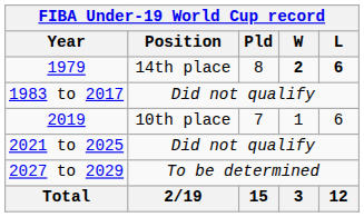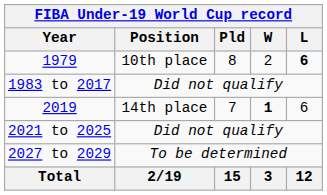 <table class="wikitable" style="text-align: center; font-size:95%;">
 <tr>
 <th colspan=9><a href='#'>FIBA Under-19 World Cup record</a></th>
 </tr>
 <tr>
 <th>Year</th>
 <th width=80px>Position</th>
 <th width=25px>Pld</th>
 <th width=25px>W</th>
 <th width=25px>L</th>
 </tr>
 <tr>
 <td> <a href='#'>1979</a></td>
-<td>14th place</td>
+<td>10th place</td>
 <td>8</td>
-<td><strong>2</strong></td>
+<td>2</td>
 <td><strong>6</strong></td>
 </tr>
 <tr>
 <td> <a href='#'>1983</a> to  <a href='#'>2017</a></td>
 <td colspan=4><em>Did not qualify</em></td>
 </tr>
 <tr>
 <td> <a href='#'>2019</a></td>
-<td>10th place</td>
+<td>14th place</td>
 <td>7</td>
-<td>1</td>
+<td><strong>1</strong></td>
 <td>6</td>
 </tr>
 <tr>
 <td> <a href='#'>2021</a> to  <a href='#'>2025</a></td>
 <td colspan=4><em>Did not qualify</em></td>
 </tr>
 <tr>
 <td> <a href='#'>2027</a> to  <a href='#'>2029</a></td>
 <td colspan=4><em>To be determined</em></td>
 </tr>
 <tr>
 <th>Total</th>
 <th>2/19</th>
 <th>15</th>
 <th>3</th>
 <th>12</th>
 </tr>
 </table>
